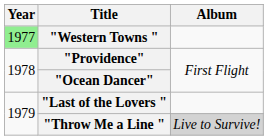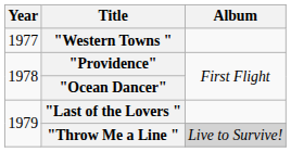 <table class="wikitable plainrowheaders" style="text-align:center;">
 <tr>
 <th>Year</th>
 <th>Title</th>
 <th>Album</th>
 </tr>
 <tr>
-<td style="background: lightgreen;">1977</td>
+<td>1977</td>
 <th scope="row">"Western Towns "</th>
 <td></td>
 </tr>
 <tr>
 <td rowspan="2">1978</td>
 <th scope="row">"Providence"</th>
 <td rowspan="2"><em>First Flight</em></td>
 </tr>
 <tr>
 <th scope="row">"Ocean Dancer"</th>
 </tr>
 <tr>
 <td rowspan="2">1979</td>
 <th scope="row">"Last of the Lovers "</th>
 <td></td>
 </tr>
 <tr>
 <th scope="row">"Throw Me a Line "</th>
 <td style="background: lightgrey;"><em>Live to Survive!</em></td>
 </tr>
 </table>
